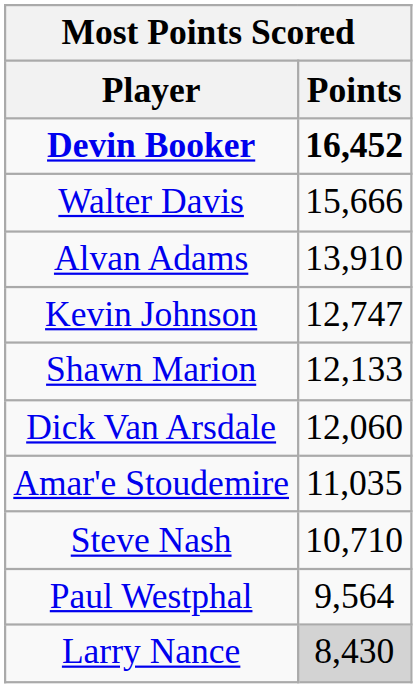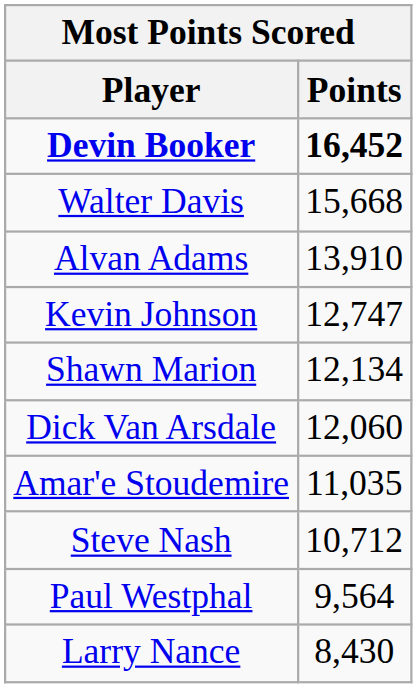 <table class="wikitable sortable" style="text-align:center">
 <tr>
 <th colspan="5">Most Points Scored</th>
 </tr>
 <tr>
 <th>Player</th>
 <th>Points</th>
 </tr>
 <tr>
 <td><strong><a href='#'>Devin Booker</a></strong></td>
 <td><strong>16,452</strong></td>
 </tr>
 <tr>
 <td><a href='#'>Walter Davis</a></td>
-<td>15,666</td>
+<td>15,668</td>
 </tr>
 <tr>
 <td><a href='#'>Alvan Adams</a></td>
 <td>13,910</td>
 </tr>
 <tr>
 <td><a href='#'>Kevin Johnson</a></td>
 <td>12,747</td>
 </tr>
 <tr>
 <td><a href='#'>Shawn Marion</a></td>
-<td>12,133</td>
+<td>12,134</td>
 </tr>
 <tr>
 <td><a href='#'>Dick Van Arsdale</a></td>
 <td>12,060</td>
 </tr>
 <tr>
 <td><a href='#'>Amar'e Stoudemire</a></td>
 <td>11,035</td>
 </tr>
 <tr>
 <td><a href='#'>Steve Nash</a></td>
-<td>10,710</td>
+<td>10,712</td>
 </tr>
 <tr>
 <td><a href='#'>Paul Westphal</a></td>
 <td>9,564</td>
 </tr>
 <tr>
 <td><a href='#'>Larry Nance</a></td>
-<td style="background: lightgrey;">8,430</td>
+<td>8,430</td>
 </tr>
 </table>
